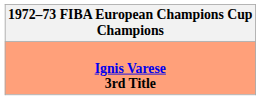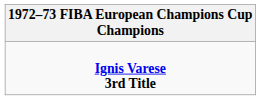 <table class=wikitable style="text-align:center; margin:auto">
 <tr>
 <th>1972–73 FIBA European Champions Cup<br>Champions</th>
 </tr>
 <tr>
-<td style="background: lightsalmon;"> <br> <strong><a href='#'>Ignis Varese</a></strong> <br> <strong>3rd Title</strong></td>
+<td> <br> <strong><a href='#'>Ignis Varese</a></strong> <br> <strong>3rd Title</strong></td>
 </tr>
 </table>
